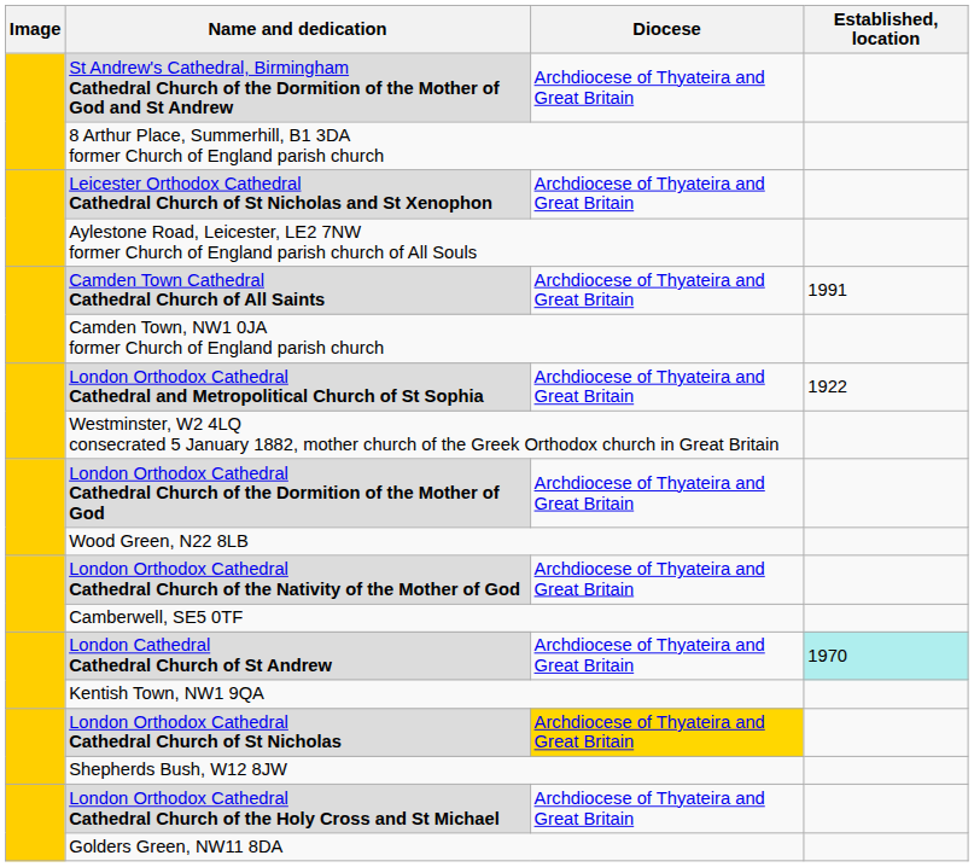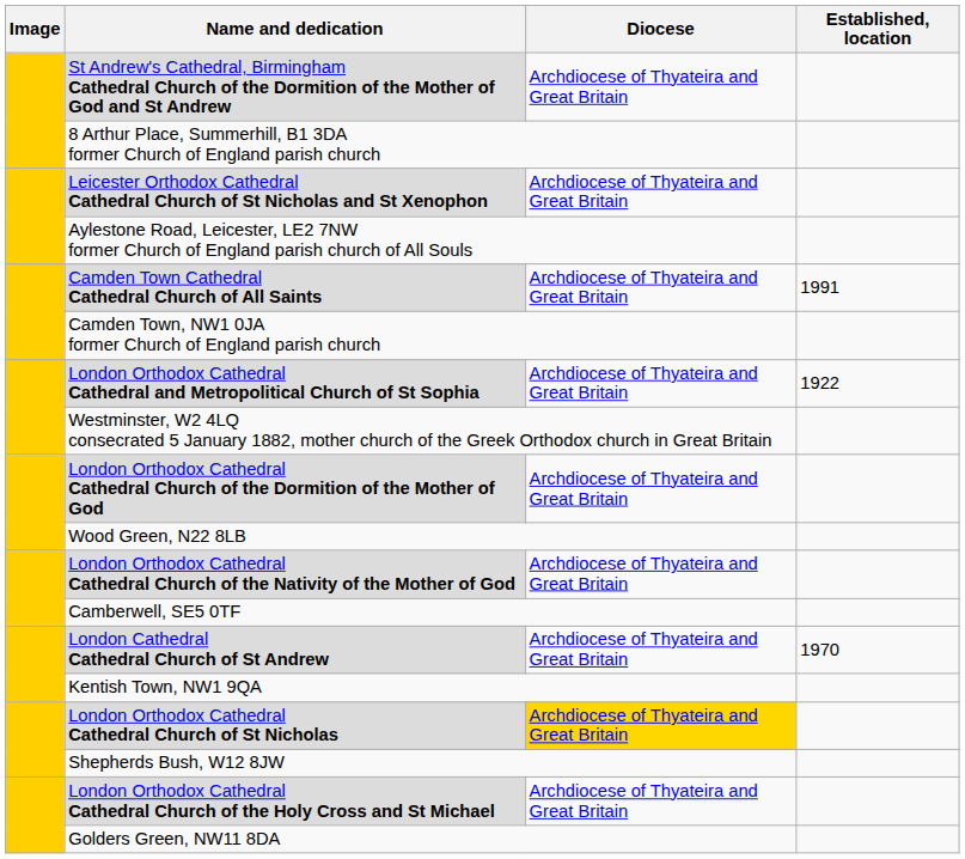 <table class="wikitable">
 <tr>
 <th>Image</th>
 <th>Name and dedication</th>
 <th>Diocese</th>
 <th>Established, location</th>
 </tr>
 <tr>
 <td rowspan="2" bgcolor="#FFCF00" align="center"></td>
 <td bgcolor="Gainsboro"><a href='#'>St Andrew's Cathedral, Birmingham</a><br><strong>Cathedral Church of the Dormition of the Mother of God and St Andrew</strong></td>
 <td><a href='#'>Archdiocese of Thyateira and Great Britain</a></td>
 <td></td>
 </tr>
 <tr>
 <td colspan="2">8 Arthur Place, Summerhill, B1 3DA<br>former Church of England parish church</td>
 <td></td>
 </tr>
 <tr>
 <td rowspan="2" bgcolor="#FFCF00" align="center"></td>
 <td bgcolor="Gainsboro"><a href='#'>Leicester Orthodox Cathedral</a><br><strong>Cathedral Church of St Nicholas and St Xenophon</strong></td>
 <td><a href='#'>Archdiocese of Thyateira and Great Britain</a></td>
 <td></td>
 </tr>
 <tr>
 <td colspan="2">Aylestone Road, Leicester, LE2 7NW<br>former Church of England parish church of All Souls</td>
 <td></td>
 </tr>
 <tr>
 <td rowspan="2" bgcolor="#FFCF00" align="center"></td>
 <td bgcolor="Gainsboro"><a href='#'>Camden Town Cathedral</a><br><strong>Cathedral Church of All Saints</strong></td>
 <td><a href='#'>Archdiocese of Thyateira and Great Britain</a></td>
 <td>1991</td>
 </tr>
 <tr>
 <td colspan="2">Camden Town, NW1 0JA<br>former Church of England parish church</td>
 <td></td>
 </tr>
 <tr>
 <td rowspan="2" bgcolor="#FFCF00" align="center"></td>
 <td bgcolor="Gainsboro"><a href='#'>London Orthodox Cathedral</a><br><strong>Cathedral and Metropolitical Church of St Sophia</strong></td>
 <td><a href='#'>Archdiocese of Thyateira and Great Britain</a></td>
 <td>1922</td>
 </tr>
 <tr>
 <td colspan="2">Westminster, W2 4LQ<br>consecrated 5 January 1882, mother church of the Greek Orthodox church in Great Britain</td>
 <td></td>
 </tr>
 <tr>
 <td rowspan="2" bgcolor="#FFCF00" align="center"></td>
 <td bgcolor="Gainsboro"><a href='#'>London Orthodox Cathedral</a><br><strong>Cathedral Church of the Dormition of the Mother of God</strong></td>
 <td><a href='#'>Archdiocese of Thyateira and Great Britain</a></td>
 <td></td>
 </tr>
 <tr>
 <td colspan="2">Wood Green, N22 8LB</td>
 <td></td>
 </tr>
 <tr>
 <td rowspan="2" bgcolor="#FFCF00" align="center"></td>
 <td bgcolor="Gainsboro"><a href='#'>London Orthodox Cathedral</a><br><strong>Cathedral Church of the Nativity of the Mother of God</strong></td>
 <td><a href='#'>Archdiocese of Thyateira and Great Britain</a></td>
 <td></td>
 </tr>
 <tr>
 <td colspan="2">Camberwell, SE5 0TF</td>
 <td></td>
 </tr>
 <tr>
 <td rowspan="2" bgcolor="#FFCF00" align="center"></td>
 <td bgcolor="Gainsboro"><a href='#'>London Cathedral</a><br><strong>Cathedral Church of St Andrew</strong></td>
 <td><a href='#'>Archdiocese of Thyateira and Great Britain</a></td>
-<td style="background: paleturquoise;">1970</td>
+<td>1970</td>
 </tr>
 <tr>
 <td colspan="2">Kentish Town, NW1 9QA</td>
 <td></td>
 </tr>
 <tr>
 <td rowspan="2" bgcolor="#FFCF00" align="center"></td>
 <td bgcolor="Gainsboro"><a href='#'>London Orthodox Cathedral</a><br><strong>Cathedral Church of St Nicholas</strong></td>
 <td style="background: gold;"><a href='#'>Archdiocese of Thyateira and Great Britain</a></td>
 <td></td>
 </tr>
 <tr>
 <td colspan="2">Shepherds Bush, W12 8JW</td>
 <td></td>
 </tr>
 <tr>
 <td rowspan="2"  bgcolor="#FFCF00" align="center"></td>
 <td bgcolor="Gainsboro"><a href='#'>London Orthodox Cathedral</a><br><strong>Cathedral Church of the Holy Cross and St Michael</strong></td>
 <td><a href='#'>Archdiocese of Thyateira and Great Britain</a></td>
 <td></td>
 </tr>
 <tr>
 <td colspan="2">Golders Green, NW11 8DA</td>
 <td></td>
 </tr>
 </table>
